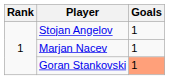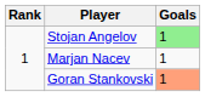 <table class="wikitable">
 <tr>
 <th>Rank</th>
 <th>Player</th>
 <th>Goals</th>
 </tr>
 <tr>
 <td align=center rowspan=3>1</td>
 <td><a href='#'>Stojan Angelov</a></td>
-<td>1</td>
+<td style="background: lightgreen;">1</td>
 </tr>
 <tr>
 <td><a href='#'>Marjan Nacev</a></td>
 <td>1</td>
 </tr>
 <tr>
 <td><a href='#'>Goran Stankovski</a></td>
 <td style="background: lightsalmon;">1</td>
 </tr>
 </table>
